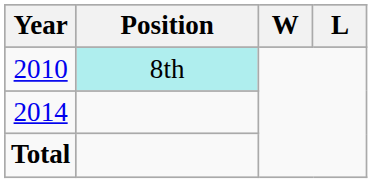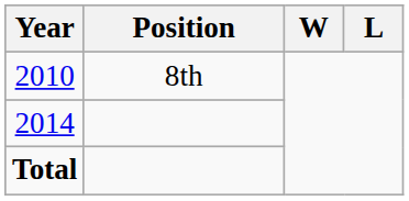 <table class="wikitable" style="text-align: center;">
 <tr>
 <th>Year</th>
 <th width="100">Position</th>
 <th width="25">W</th>
 <th width="25">L</th>
 </tr>
 <tr>
 <td> <a href='#'>2010</a></td>
-<td style="background: paleturquoise;">8th</td>
+<td>8th</td>
 </tr>
 <tr>
 <td> <a href='#'>2014</a></td>
 <td></td>
 </tr>
 <tr>
 <td><strong>Total</strong></td>
 <td></td>
 </tr>
 </table>
